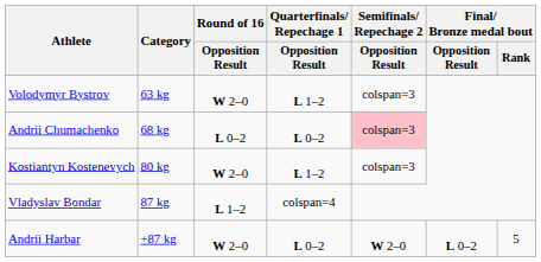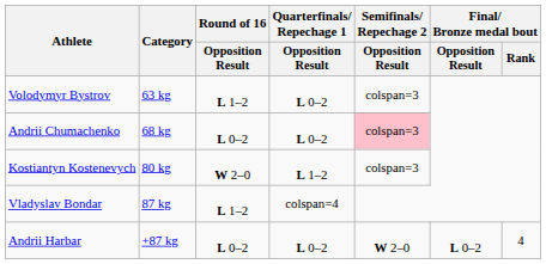 <table class="wikitable" style="text-align:center; font-size:90%">
 <tr>
 <th rowspan=2>Athlete</th>
 <th rowspan=2>Category</th>
 <th>Round of 16</th>
 <th>Quarterfinals/<br>Repechage 1</th>
 <th>Semifinals/<br>Repechage 2</th>
 <th colspan=2>Final/<br>Bronze medal bout</th>
 </tr>
 <tr style="font-size:95%">
 <th>Opposition<br>Result</th>
 <th>Opposition<br>Result</th>
 <th>Opposition<br>Result</th>
 <th>Opposition<br>Result</th>
 <th>Rank</th>
 </tr>
 <tr>
 <td align=left><a href='#'>Volodymyr Bystrov</a></td>
 <td align=left><a href='#'>63 kg</a></td>
-<td><br><strong>W</strong> 2–0</td>
 <td><br><strong>L</strong> 1–2</td>
+<td><br><strong>L</strong> 0–2</td>
 <td>colspan=3 </td>
 </tr>
 <tr>
 <td align=left><a href='#'>Andrii Chumachenko</a></td>
 <td align=left><a href='#'>68 kg</a></td>
 <td><br><strong>L</strong> 0–2</td>
 <td><br><strong>L</strong> 0–2</td>
 <td style="background: pink;">colspan=3 </td>
 </tr>
 <tr>
 <td align=left><a href='#'>Kostiantyn Kostenevych</a></td>
 <td align=left><a href='#'>80 kg</a></td>
 <td><br><strong>W</strong> 2–0</td>
 <td><br><strong>L</strong> 1–2</td>
 <td>colspan=3 </td>
 </tr>
 <tr>
 <td align=left><a href='#'>Vladyslav Bondar</a></td>
 <td align=left><a href='#'>87 kg</a></td>
 <td><br><strong>L</strong> 1–2</td>
 <td>colspan=4 </td>
 </tr>
 <tr>
 <td align=left><a href='#'>Andrii Harbar</a></td>
 <td align=left><a href='#'>+87 kg</a></td>
-<td><br><strong>W</strong> 2–0</td>
+<td><br><strong>L</strong> 0–2</td>
 <td><br><strong>L</strong> 0–2</td>
 <td><br><strong>W</strong> 2–0</td>
 <td><br><strong>L</strong> 0–2</td>
-<td>5</td>
+<td>4</td>
 </tr>
 </table>
